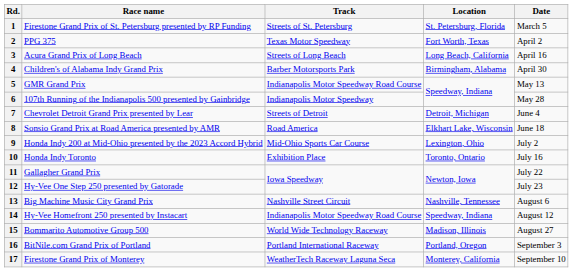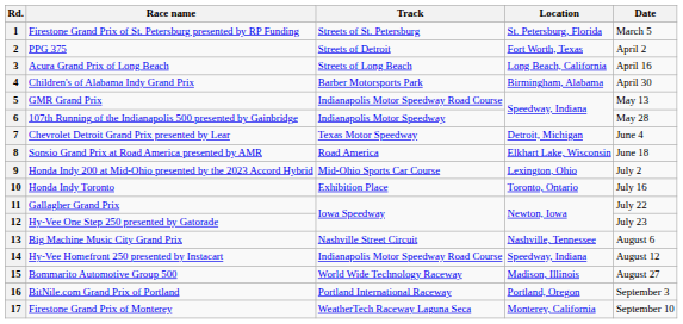 <table class="wikitable" style="font-size: 85%">
 <tr>
 <th>Rd.</th>
 <th>Race name</th>
 <th>Track</th>
 <th>Location</th>
 <th>Date</th>
 </tr>
 <tr>
 <th>1</th>
 <td><a href='#'>Firestone Grand Prix of St. Petersburg presented by RP Funding</a></td>
 <td> <a href='#'>Streets of St. Petersburg</a></td>
 <td><a href='#'>St. Petersburg, Florida</a></td>
 <td>March 5</td>
 </tr>
 <tr>
 <th>2</th>
 <td><a href='#'>PPG 375</a></td>
-<td> <a href='#'>Texas Motor Speedway</a></td>
+<td> <a href='#'>Streets of Detroit</a></td>
 <td><a href='#'>Fort Worth, Texas</a></td>
 <td>April 2</td>
 </tr>
 <tr>
 <th>3</th>
 <td><a href='#'>Acura Grand Prix of Long Beach</a></td>
 <td> <a href='#'>Streets of Long Beach</a></td>
 <td><a href='#'>Long Beach, California</a></td>
 <td>April 16</td>
 </tr>
 <tr>
 <th>4</th>
 <td><a href='#'>Children's of Alabama Indy Grand Prix</a></td>
 <td> <a href='#'>Barber Motorsports Park</a></td>
 <td><a href='#'>Birmingham, Alabama</a></td>
 <td>April 30</td>
 </tr>
 <tr>
 <th>5</th>
 <td><a href='#'>GMR Grand Prix</a></td>
 <td> <a href='#'>Indianapolis Motor Speedway Road Course</a></td>
 <td rowspan=2><a href='#'>Speedway, Indiana</a></td>
 <td>May 13</td>
 </tr>
 <tr>
 <th>6</th>
 <td><a href='#'>107th Running of the Indianapolis 500 presented by Gainbridge</a></td>
 <td> <a href='#'>Indianapolis Motor Speedway</a></td>
 <td>May 28</td>
 </tr>
 <tr>
 <th>7</th>
 <td><a href='#'>Chevrolet Detroit Grand Prix presented by Lear</a></td>
-<td> <a href='#'>Streets of Detroit</a></td>
+<td> <a href='#'>Texas Motor Speedway</a></td>
 <td><a href='#'>Detroit, Michigan</a></td>
 <td>June 4</td>
 </tr>
 <tr>
 <th>8</th>
 <td><a href='#'>Sonsio Grand Prix at Road America presented by AMR</a></td>
 <td> <a href='#'>Road America</a></td>
 <td><a href='#'>Elkhart Lake, Wisconsin</a></td>
 <td>June 18</td>
 </tr>
 <tr>
 <th>9</th>
 <td><a href='#'>Honda Indy 200 at Mid-Ohio presented by the 2023 Accord Hybrid</a></td>
 <td> <a href='#'>Mid-Ohio Sports Car Course</a></td>
 <td><a href='#'>Lexington, Ohio</a></td>
 <td>July 2</td>
 </tr>
 <tr>
 <th>10</th>
 <td><a href='#'>Honda Indy Toronto</a></td>
 <td> <a href='#'>Exhibition Place</a></td>
 <td><a href='#'>Toronto, Ontario</a></td>
 <td>July 16</td>
 </tr>
 <tr>
 <th>11</th>
 <td><a href='#'>Gallagher Grand Prix</a></td>
 <td rowspan=2> <a href='#'>Iowa Speedway</a></td>
 <td rowspan=2><a href='#'>Newton, Iowa</a></td>
 <td>July 22</td>
 </tr>
 <tr>
 <th>12</th>
 <td><a href='#'>Hy-Vee One Step 250 presented by Gatorade</a></td>
 <td>July 23</td>
 </tr>
 <tr>
 <th>13</th>
 <td><a href='#'>Big Machine Music City Grand Prix</a></td>
 <td> <a href='#'>Nashville Street Circuit</a></td>
 <td><a href='#'>Nashville, Tennessee</a></td>
 <td>August 6</td>
 </tr>
 <tr>
 <th>14</th>
 <td><a href='#'>Hy-Vee Homefront 250 presented by Instacart</a></td>
 <td> <a href='#'>Indianapolis Motor Speedway Road Course</a></td>
 <td><a href='#'>Speedway, Indiana</a></td>
 <td>August 12</td>
 </tr>
 <tr>
 <th>15</th>
 <td><a href='#'>Bommarito Automotive Group 500</a></td>
 <td> <a href='#'>World Wide Technology Raceway</a></td>
 <td><a href='#'>Madison, Illinois</a></td>
 <td>August 27</td>
 </tr>
 <tr>
 <th>16</th>
 <td><a href='#'>BitNile.com Grand Prix of Portland</a></td>
 <td> <a href='#'>Portland International Raceway</a></td>
 <td><a href='#'>Portland, Oregon</a></td>
 <td>September 3</td>
 </tr>
 <tr>
 <th>17</th>
 <td><a href='#'>Firestone Grand Prix of Monterey</a></td>
 <td> <a href='#'>WeatherTech Raceway Laguna Seca</a></td>
 <td><a href='#'>Monterey, California</a></td>
 <td>September 10</td>
 </tr>
 </table>
